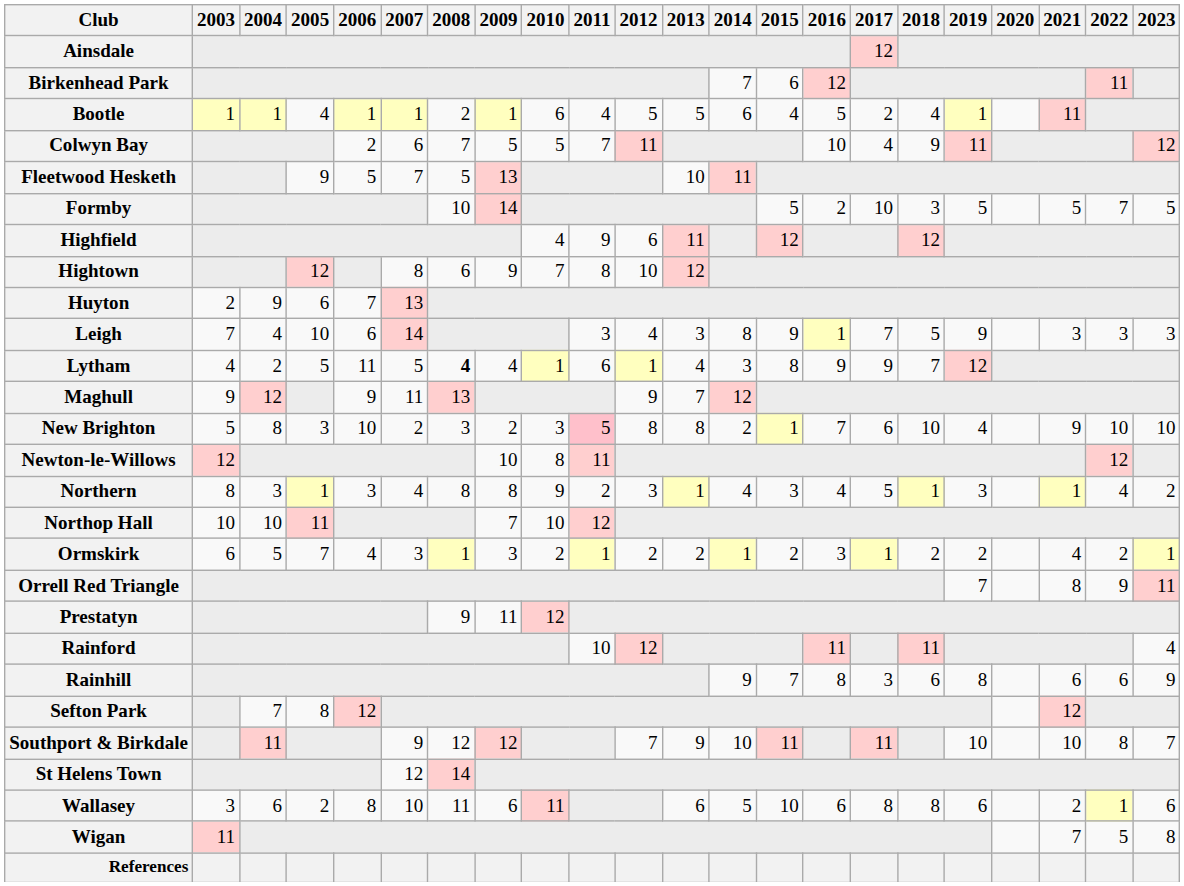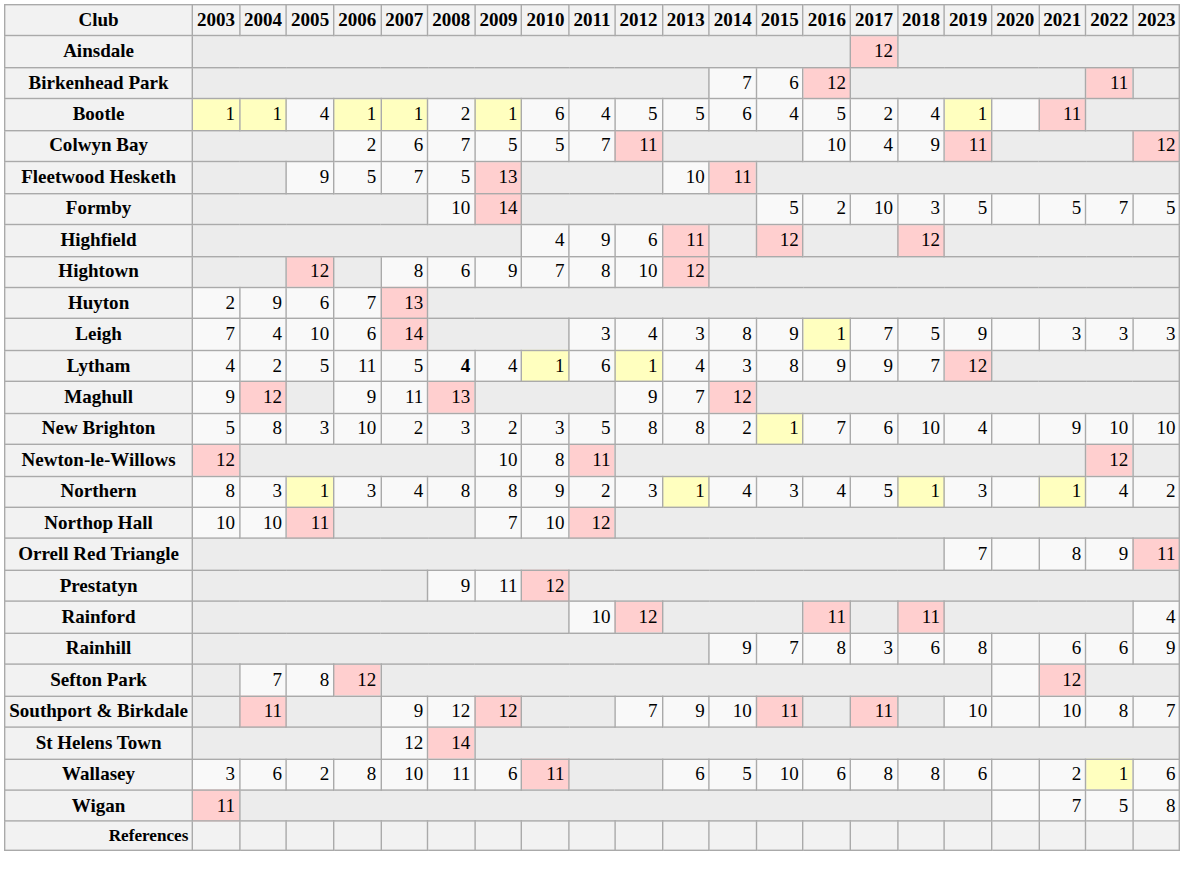 <table class="wikitable plainrowheaders" style="font-size:85%; text-align: right;">
 <tr>
 <th scope="col">Club</th>
 <th scope="col">2003</th>
 <th scope="col">2004</th>
 <th scope="col">2005</th>
 <th scope="col">2006</th>
 <th scope="col">2007</th>
 <th scope="col">2008</th>
 <th scope="col">2009</th>
 <th scope="col">2010</th>
 <th scope="col">2011</th>
 <th scope="col">2012</th>
 <th scope="col">2013</th>
 <th scope="col">2014</th>
 <th scope="col">2015</th>
 <th scope="col">2016</th>
 <th scope="col">2017</th>
 <th scope="col">2018</th>
 <th scope="col">2019</th>
 <th scope="col">2020</th>
 <th scope="col">2021</th>
 <th scope="col">2022</th>
 <th scope="col">2023</th>
 </tr>
 <tr>
 <th scope="row">Ainsdale</th>
 <td bgcolor="#ececec" colspan="14"></td>
 <td bgcolor="#ffcfcf">12</td>
 <td bgcolor="#ececec" colspan="6"></td>
 </tr>
 <tr>
 <th scope="row">Birkenhead Park</th>
 <td bgcolor="#ececec" colspan="11"></td>
 <td>7</td>
 <td>6</td>
 <td bgcolor="#ffcfcf">12</td>
 <td bgcolor="#ececec" colspan="5"></td>
 <td bgcolor="#ffcfcf">11</td>
 <td bgcolor="#ececec" colspan="1"></td>
 </tr>
 <tr>
 <th scope="row">Bootle</th>
 <td bgcolor="#ffffbf">1</td>
 <td bgcolor="#ffffbf">1</td>
 <td>4</td>
 <td bgcolor="#ffffbf">1</td>
 <td bgcolor="#ffffbf">1</td>
 <td>2</td>
 <td bgcolor="#ffffbf">1</td>
 <td>6</td>
 <td>4</td>
 <td>5</td>
 <td>5</td>
 <td>6</td>
 <td>4</td>
 <td>5</td>
 <td>2</td>
 <td>4</td>
 <td bgcolor="#ffffbf">1</td>
 <td></td>
 <td bgcolor="#ffcfcf">11</td>
 <td bgcolor="#ececec" colspan="2"></td>
 </tr>
 <tr>
 <th scope="row">Colwyn Bay</th>
 <td bgcolor="#ececec" colspan="3"></td>
 <td>2</td>
 <td>6</td>
 <td>7</td>
 <td>5</td>
 <td>5</td>
 <td>7</td>
 <td bgcolor="#ffcfcf">11</td>
 <td bgcolor="#ececec" colspan="3"></td>
 <td>10</td>
 <td>4</td>
 <td>9</td>
 <td bgcolor="#ffcfcf">11</td>
 <td bgcolor="#ececec" colspan="3"></td>
 <td bgcolor="#ffcfcf">12</td>
 </tr>
 <tr>
 <th scope="row">Fleetwood Hesketh</th>
 <td bgcolor="#ececec" colspan="2"></td>
 <td>9</td>
 <td>5</td>
 <td>7</td>
 <td>5</td>
 <td bgcolor="#ffcfcf">13</td>
 <td bgcolor="#ececec" colspan="3"></td>
 <td>10</td>
 <td bgcolor="#ffcfcf">11</td>
 <td bgcolor="#ececec" colspan="9"></td>
 </tr>
 <tr>
 <th scope="row">Formby</th>
 <td bgcolor="#ececec" colspan="5"></td>
 <td>10</td>
 <td bgcolor="#ffcfcf">14</td>
 <td bgcolor="#ececec" colspan="5"></td>
 <td>5</td>
 <td>2</td>
 <td>10</td>
 <td>3</td>
 <td>5</td>
 <td></td>
 <td>5</td>
 <td>7</td>
 <td>5</td>
 </tr>
 <tr>
 <th scope="row">Highfield</th>
 <td bgcolor="#ececec" colspan="7"></td>
 <td>4</td>
 <td>9</td>
 <td>6</td>
 <td bgcolor="#ffcfcf">11</td>
 <td bgcolor="#ececec"></td>
 <td bgcolor="#ffcfcf">12</td>
 <td bgcolor="#ececec" colspan="2"></td>
 <td bgcolor="#ffcfcf">12</td>
 <td bgcolor="#ececec" colspan="5"></td>
 </tr>
 <tr>
 <th scope="row">Hightown</th>
 <td bgcolor="#ececec" colspan="2"></td>
 <td bgcolor="#ffcfcf">12</td>
 <td bgcolor="#ececec"></td>
 <td>8</td>
 <td>6</td>
 <td>9</td>
 <td>7</td>
 <td>8</td>
 <td>10</td>
 <td bgcolor="#ffcfcf">12</td>
 <td bgcolor="#ececec" colspan="10"></td>
 </tr>
 <tr>
 <th scope="row">Huyton</th>
 <td>2</td>
 <td>9</td>
 <td>6</td>
 <td>7</td>
 <td bgcolor="#ffcfcf">13</td>
 <td bgcolor="#ececec" colspan="16"></td>
 </tr>
 <tr>
 <th scope="row">Leigh</th>
 <td>7</td>
 <td>4</td>
 <td>10</td>
 <td>6</td>
 <td bgcolor="#ffcfcf">14</td>
 <td bgcolor="#ececec" colspan="3"></td>
 <td>3</td>
 <td>4</td>
 <td>3</td>
 <td>8</td>
 <td>9</td>
 <td bgcolor="#ffffbf">1</td>
 <td>7</td>
 <td>5</td>
 <td>9</td>
 <td></td>
 <td>3</td>
 <td>3</td>
 <td>3</td>
 </tr>
 <tr>
 <th scope="row">Lytham</th>
 <td>4</td>
 <td>2</td>
 <td>5</td>
 <td>11</td>
 <td>5</td>
 <td><strong>4</strong></td>
 <td>4</td>
 <td bgcolor="#ffffbf">1</td>
 <td>6</td>
 <td bgcolor="#ffffbf">1</td>
 <td>4</td>
 <td>3</td>
 <td>8</td>
 <td>9</td>
 <td>9</td>
 <td>7</td>
 <td bgcolor="#ffcfcf">12</td>
 <td bgcolor="#ececec" colspan="4"></td>
 </tr>
 <tr>
 <th scope="row">Maghull</th>
 <td>9</td>
 <td bgcolor="#ffcfcf">12</td>
 <td bgcolor="#ececec"></td>
 <td>9</td>
 <td>11</td>
 <td bgcolor="#ffcfcf">13</td>
 <td bgcolor="#ececec" colspan="3"></td>
 <td>9</td>
 <td>7</td>
 <td bgcolor="#ffcfcf">12</td>
 <td bgcolor="#ececec" colspan="9"></td>
 </tr>
 <tr>
 <th scope="row">New Brighton</th>
 <td>5</td>
 <td>8</td>
 <td>3</td>
 <td>10</td>
 <td>2</td>
 <td>3</td>
 <td>2</td>
 <td>3</td>
-<td style="background: pink;">5</td>
+<td>5</td>
 <td>8</td>
 <td>8</td>
 <td>2</td>
 <td bgcolor="#ffffbf">1</td>
 <td>7</td>
 <td>6</td>
 <td>10</td>
 <td>4</td>
 <td></td>
 <td>9</td>
 <td>10</td>
 <td>10</td>
 </tr>
 <tr>
 <th scope="row">Newton-le-Willows</th>
 <td bgcolor="#ffcfcf">12</td>
 <td bgcolor="#ececec" colspan="5"></td>
 <td>10</td>
 <td>8</td>
 <td bgcolor="#ffcfcf">11</td>
 <td bgcolor="#ececec" colspan="10"></td>
 <td bgcolor="#ffcfcf">12</td>
 <td bgcolor="#ececec" colspan="1"></td>
 </tr>
 <tr>
 <th scope="row">Northern</th>
 <td>8</td>
 <td>3</td>
 <td bgcolor="#ffffbf">1</td>
 <td>3</td>
 <td>4</td>
 <td>8</td>
 <td>8</td>
 <td>9</td>
 <td>2</td>
 <td>3</td>
 <td bgcolor="#ffffbf">1</td>
 <td>4</td>
 <td>3</td>
 <td>4</td>
 <td>5</td>
 <td bgcolor="#ffffbf">1</td>
 <td>3</td>
 <td></td>
 <td bgcolor="#ffffbf">1</td>
 <td>4</td>
 <td>2</td>
 </tr>
 <tr>
 <th scope="row">Northop Hall</th>
 <td>10</td>
 <td>10</td>
 <td bgcolor="#ffcfcf">11</td>
 <td bgcolor="#ececec" colspan="3"></td>
 <td>7</td>
 <td>10</td>
 <td bgcolor="#ffcfcf">12</td>
 <td bgcolor="#ececec" colspan="12"></td>
-</tr>
-<tr>
-<th scope="row">Ormskirk</th>
-<td>6</td>
-<td>5</td>
-<td>7</td>
-<td>4</td>
-<td>3</td>
-<td bgcolor="#ffffbf">1</td>
-<td>3</td>
-<td>2</td>
-<td bgcolor="#ffffbf">1</td>
-<td>2</td>
-<td>2</td>
-<td bgcolor="#ffffbf">1</td>
-<td>2</td>
-<td>3</td>
-<td bgcolor="#ffffbf">1</td>
-<td>2</td>
-<td>2</td>
-<td></td>
-<td>4</td>
-<td>2</td>
-<td bgcolor="#ffffbf">1</td>
 </tr>
 <tr>
 <th scope="row">Orrell Red Triangle</th>
 <td bgcolor="#ececec" colspan="16"></td>
 <td>7</td>
 <td></td>
 <td>8</td>
 <td>9</td>
 <td bgcolor="#ffcfcf">11</td>
 </tr>
 <tr>
 <th scope="row">Prestatyn</th>
 <td bgcolor="#ececec" colspan="5"></td>
 <td>9</td>
 <td>11</td>
 <td bgcolor="#ffcfcf">12</td>
 <td bgcolor="#ececec" colspan="13"></td>
 </tr>
 <tr>
 <th scope="row">Rainford</th>
 <td bgcolor="#ececec" colspan="8"></td>
 <td>10</td>
 <td bgcolor="#ffcfcf">12</td>
 <td bgcolor="#ececec" colspan="3"></td>
 <td bgcolor="#ffcfcf">11</td>
 <td bgcolor="#ececec"></td>
 <td bgcolor="#ffcfcf">11</td>
 <td bgcolor="#ececec" colspan="4"></td>
 <td>4</td>
 </tr>
 <tr>
 <th scope="row">Rainhill</th>
 <td bgcolor="#ececec" colspan="11"></td>
 <td>9</td>
 <td>7</td>
 <td>8</td>
 <td>3</td>
 <td>6</td>
 <td>8</td>
 <td></td>
 <td>6</td>
 <td>6</td>
 <td>9</td>
 </tr>
 <tr>
 <th scope="row">Sefton Park</th>
 <td bgcolor="#ececec"></td>
 <td>7</td>
 <td>8</td>
 <td bgcolor="#ffcfcf">12</td>
 <td bgcolor="#ececec" colspan="13"></td>
 <td></td>
 <td bgcolor="#ffcfcf">12</td>
 <td bgcolor="#ececec" colspan="2"></td>
 </tr>
 <tr>
 <th scope="row">Southport & Birkdale</th>
 <td bgcolor="#ececec"></td>
 <td bgcolor="#ffcfcf">11</td>
 <td bgcolor="#ececec" colspan="2"></td>
 <td>9</td>
 <td>12</td>
 <td bgcolor="#ffcfcf">12</td>
 <td bgcolor="#ececec" colspan="2"></td>
 <td>7</td>
 <td>9</td>
 <td>10</td>
 <td bgcolor="#ffcfcf">11</td>
 <td bgcolor="#ececec"></td>
 <td bgcolor="#ffcfcf">11</td>
 <td bgcolor="#ececec"></td>
 <td>10</td>
 <td></td>
 <td>10</td>
 <td>8</td>
 <td>7</td>
 </tr>
 <tr>
 <th scope="row">St Helens Town</th>
 <td bgcolor="#ececec" colspan="4"></td>
 <td>12</td>
 <td bgcolor="#ffcfcf">14</td>
 <td bgcolor="#ececec" colspan="15"></td>
 </tr>
 <tr>
 <th scope="row">Wallasey</th>
 <td>3</td>
 <td>6</td>
 <td>2</td>
 <td>8</td>
 <td>10</td>
 <td>11</td>
 <td>6</td>
 <td bgcolor="#ffcfcf">11</td>
 <td bgcolor="#ececec" colspan="2"></td>
 <td>6</td>
 <td>5</td>
 <td>10</td>
 <td>6</td>
 <td>8</td>
 <td>8</td>
 <td>6</td>
 <td></td>
 <td>2</td>
 <td bgcolor="#ffffbf">1</td>
 <td>6</td>
 </tr>
 <tr>
 <th scope="row">Wigan</th>
 <td bgcolor="#ffcfcf">11</td>
 <td bgcolor="#ececec" colspan="16"></td>
 <td></td>
 <td>7</td>
 <td>5</td>
 <td>8</td>
 </tr>
 <tr style="font-size:90%; text-align:center">
 <th scope="row" style="text-align: right">References</th>
 <th scope="col"></th>
 <th scope="col"></th>
 <th scope="col"></th>
 <th scope="col"></th>
 <th scope="col"></th>
 <th scope="col"></th>
 <th scope="col"></th>
 <th scope="col"></th>
 <th scope="col"></th>
 <th scope="col"></th>
 <th scope="col"></th>
 <th scope="col"></th>
 <th scope="col"></th>
 <th scope="col"></th>
 <th scope="col"></th>
 <th scope="col"></th>
 <th scope="col"></th>
 <th scope="col"></th>
 <th scope="col"></th>
 <th scope="col"></th>
 <th scope="col"></th>
 </tr>
 </table>
